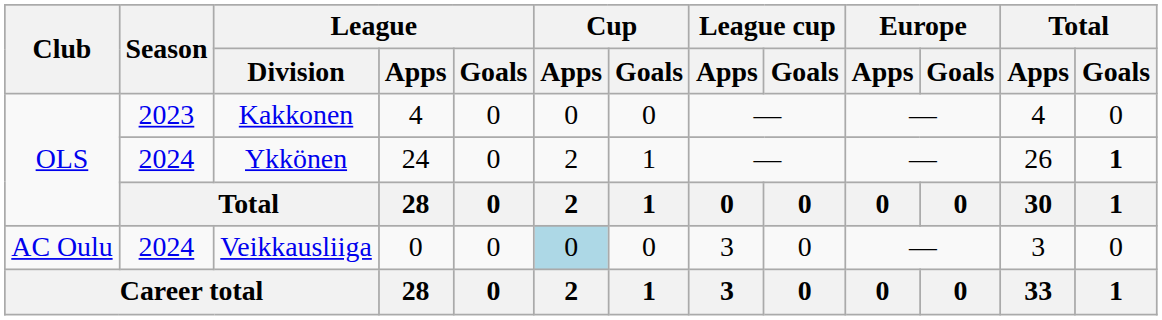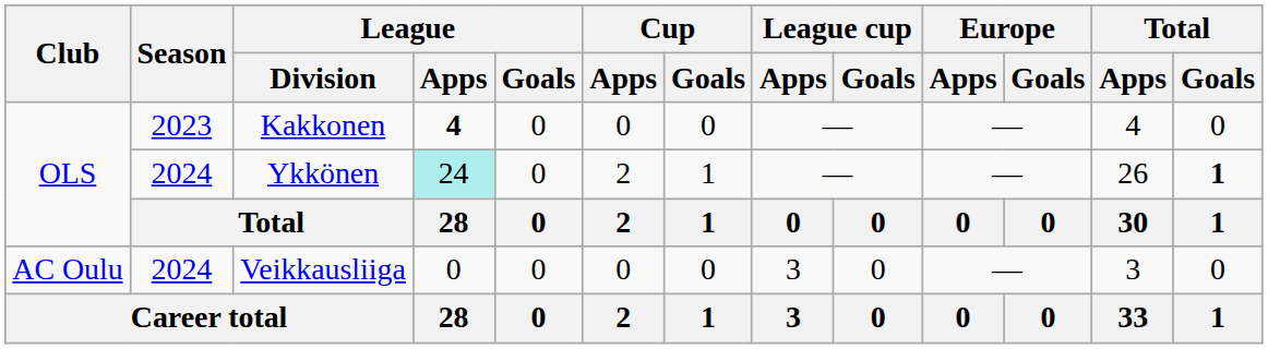 <table class="wikitable" style="text-align:center">
 <tr>
 <th rowspan="2">Club</th>
 <th rowspan="2">Season</th>
 <th colspan="3">League</th>
 <th colspan="2">Cup</th>
 <th colspan="2">League cup</th>
 <th colspan="2">Europe</th>
 <th colspan="2">Total</th>
 </tr>
 <tr>
 <th>Division</th>
 <th>Apps</th>
 <th>Goals</th>
 <th>Apps</th>
 <th>Goals</th>
 <th>Apps</th>
 <th>Goals</th>
 <th>Apps</th>
 <th>Goals</th>
 <th>Apps</th>
 <th>Goals</th>
 </tr>
 <tr>
 <td rowspan="3"><a href='#'>OLS</a></td>
 <td><a href='#'>2023</a></td>
 <td rowspan="1"><a href='#'>Kakkonen</a></td>
-<td>4</td>
+<td><strong>4</strong></td>
 <td>0</td>
 <td>0</td>
 <td>0</td>
 <td colspan="2">—</td>
 <td colspan="2">—</td>
 <td>4</td>
 <td>0</td>
 </tr>
 <tr>
 <td><a href='#'>2024</a></td>
 <td><a href='#'>Ykkönen</a></td>
-<td>24</td>
+<td style="background: paleturquoise;">24</td>
 <td>0</td>
 <td>2</td>
 <td>1</td>
 <td colspan="2">—</td>
 <td colspan="2">—</td>
 <td>26</td>
 <td><strong>1</strong></td>
 </tr>
 <tr>
 <th colspan="2">Total</th>
 <th>28</th>
 <th>0</th>
 <th>2</th>
 <th>1</th>
 <th>0</th>
 <th>0</th>
 <th>0</th>
 <th>0</th>
 <th>30</th>
 <th>1</th>
 </tr>
 <tr>
 <td><a href='#'>AC Oulu</a></td>
 <td><a href='#'>2024</a></td>
 <td><a href='#'>Veikkausliiga</a></td>
 <td>0</td>
 <td>0</td>
-<td style="background: lightblue;">0</td>
+<td>0</td>
 <td>0</td>
 <td>3</td>
 <td>0</td>
 <td colspan="2">—</td>
 <td>3</td>
 <td>0</td>
 </tr>
 <tr>
 <th colspan="3">Career total</th>
 <th>28</th>
 <th>0</th>
 <th>2</th>
 <th>1</th>
 <th>3</th>
 <th>0</th>
 <th>0</th>
 <th>0</th>
 <th>33</th>
 <th>1</th>
 </tr>
 </table>
